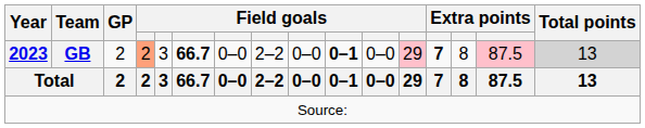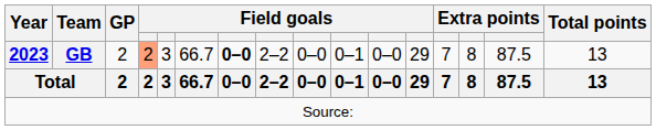 <table class="wikitable" style="text-align:center;">
 <tr>
 <th rowspan="2">Year</th>
 <th rowspan="2">Team</th>
 <th rowspan="2">GP</th>
 <th colspan="9">Field goals</th>
 <th colspan="3">Extra points</th>
 <th rowspan="2">Total points</th>
 </tr>
 <tr>
 <th></th>
 <th></th>
 <th></th>
 <th></th>
 <th></th>
 <th></th>
 <th></th>
 <th></th>
 <th></th>
 <th></th>
 <th></th>
 <th></th>
 </tr>
 <tr>
 <th><a href='#'>2023</a></th>
 <th><a href='#'>GB</a></th>
 <td>2</td>
 <td style="background: lightsalmon;">2</td>
 <td>3</td>
-<td><strong>66.7</strong></td>
-<td>0–0</td>
+<td>66.7</td>
+<td><strong>0–0</strong></td>
 <td>2–2</td>
 <td>0–0</td>
-<td><strong>0–1</strong></td>
+<td>0–1</td>
 <td>0–0</td>
-<td style="background: pink;">29</td>
-<td><strong>7</strong></td>
+<td>29</td>
+<td>7</td>
 <td>8</td>
-<td style="background: pink;">87.5</td>
-<td style="background: lightgrey;">13</td>
+<td>87.5</td>
+<td>13</td>
 </tr>
 <tr>
 <th colspan="2">Total</th>
 <th>2</th>
 <th>2</th>
 <th>3</th>
 <th>66.7</th>
 <th>0–0</th>
 <th>2–2</th>
 <th>0–0</th>
 <th>0–1</th>
 <th>0–0</th>
 <th>29</th>
 <th>7</th>
 <th>8</th>
 <th>87.5</th>
 <th>13</th>
 </tr>
 <tr>
 <td colspan="16"><small>Source: </small></td>
 </tr>
 </table>
